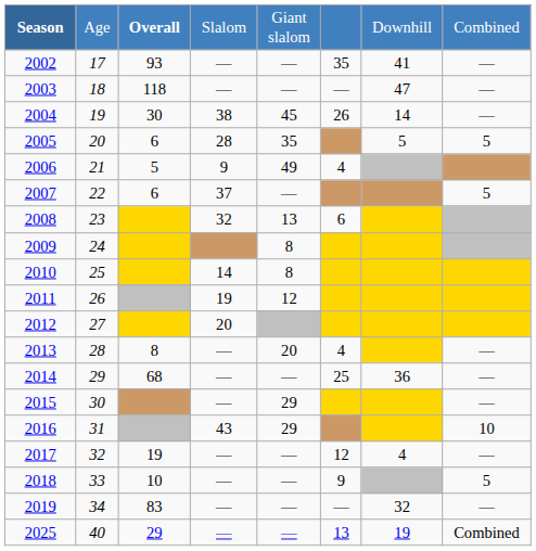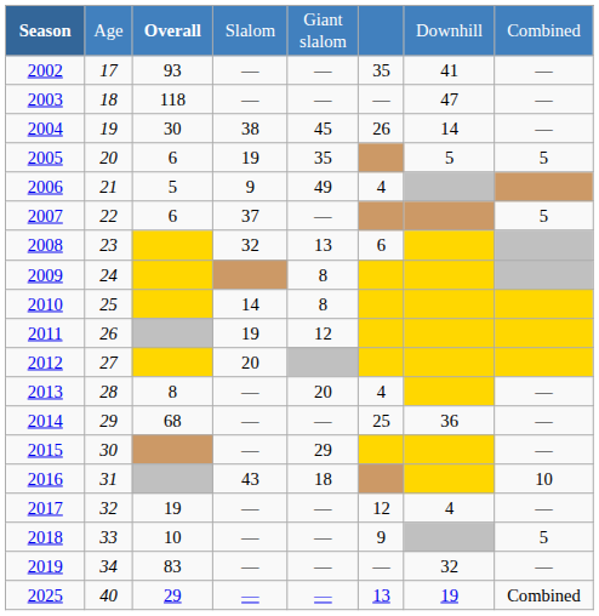 <table class="wikitable"  style="font-size:95%; text-align:center; border:gray solid 1px; width:40%;">
 <tr style="background:#369; color:white;">
 <td rowspan="2" style="width:6%;"><strong>Season</strong></td>
 </tr>
 <tr style="background:#4180be; color:white;">
 <td style="width:3%;">Age</td>
 <td style="width:5%;"><strong>Overall</strong></td>
 <td style="width:5%;">Slalom</td>
 <td style="width:5%;">Giant<br>slalom</td>
 <td style="width:5%;"></td>
 <td style="width:5%;">Downhill</td>
 <td style="width:5%;">Combined</td>
 </tr>
 <tr>
 <td><a href='#'>2002</a></td>
 <td><em>17</em></td>
 <td>93</td>
 <td>—</td>
 <td>—</td>
 <td>35</td>
 <td>41</td>
 <td>—</td>
 </tr>
 <tr>
 <td><a href='#'>2003</a></td>
 <td><em>18</em></td>
 <td>118</td>
 <td>—</td>
 <td>—</td>
 <td>—</td>
 <td>47</td>
 <td>—</td>
 </tr>
 <tr>
 <td><a href='#'>2004</a></td>
 <td><em>19</em></td>
 <td>30</td>
 <td>38</td>
 <td>45</td>
 <td>26</td>
 <td>14</td>
 <td>—</td>
 </tr>
 <tr>
 <td><a href='#'>2005</a></td>
 <td><em>20</em></td>
 <td>6</td>
-<td>28</td>
+<td>19</td>
 <td>35</td>
 <td style="background:#c96;"></td>
 <td>5</td>
 <td>5</td>
 </tr>
 <tr>
 <td><a href='#'>2006</a></td>
 <td><em>21</em></td>
 <td>5</td>
 <td>9</td>
 <td>49</td>
 <td>4</td>
 <td style="background:silver;"></td>
 <td style="background:#c96;"></td>
 </tr>
 <tr>
 <td><a href='#'>2007</a></td>
 <td><em>22</em></td>
 <td>6</td>
 <td>37</td>
 <td>—</td>
 <td style="background:#c96;"></td>
 <td style="background:#c96;"></td>
 <td>5</td>
 </tr>
 <tr>
 <td><a href='#'>2008</a></td>
 <td><em>23</em></td>
 <td style="background:gold;"></td>
 <td>32</td>
 <td>13</td>
 <td>6</td>
 <td style="background:gold;"></td>
 <td style="background:silver;"></td>
 </tr>
 <tr>
 <td><a href='#'>2009</a></td>
 <td><em>24</em></td>
 <td style="background:gold;"></td>
 <td style="background:#c96;"></td>
 <td>8</td>
 <td style="background:gold;"></td>
 <td style="background:gold;"></td>
 <td style="background:silver;"></td>
 </tr>
 <tr>
 <td><a href='#'>2010</a></td>
 <td><em>25</em></td>
 <td style="background:gold;"></td>
 <td>14</td>
 <td>8</td>
 <td style="background:gold;"></td>
 <td style="background:gold;"></td>
 <td style="background:gold;"></td>
 </tr>
 <tr>
 <td><a href='#'>2011</a></td>
 <td><em>26</em></td>
 <td style="background:silver;"></td>
 <td>19</td>
 <td>12</td>
 <td style="background:gold;"></td>
 <td style="background:gold;"></td>
 <td style="background:gold;"></td>
 </tr>
 <tr>
 <td><a href='#'>2012</a></td>
 <td><em>27</em></td>
 <td style="background:gold;"></td>
 <td>20</td>
 <td style="background:silver;"></td>
 <td style="background:gold;"></td>
 <td style="background:gold;"></td>
 <td style="background:gold;"></td>
 </tr>
 <tr>
 <td><a href='#'>2013</a></td>
 <td><em>28</em></td>
 <td>8</td>
 <td>—</td>
 <td>20</td>
 <td>4</td>
 <td style="background:gold;"></td>
 <td>—</td>
 </tr>
 <tr>
 <td><a href='#'>2014</a></td>
 <td><em>29</em></td>
 <td>68</td>
 <td>—</td>
 <td>—</td>
 <td>25</td>
 <td>36</td>
 <td>—</td>
 </tr>
 <tr>
 <td><a href='#'>2015</a></td>
 <td><em>30</em></td>
 <td style="background:#c96;"></td>
 <td>—</td>
 <td>29</td>
 <td style="background:gold;"></td>
 <td style="background:gold;"></td>
 <td>—</td>
 </tr>
 <tr>
 <td><a href='#'>2016</a></td>
 <td><em>31</em></td>
 <td style="background:silver;"></td>
 <td>43</td>
-<td>29</td>
+<td>18</td>
 <td style="background:#c96;"></td>
 <td style="background:gold;"></td>
 <td>10</td>
 </tr>
 <tr>
 <td><a href='#'>2017</a></td>
 <td><em>32</em></td>
 <td>19</td>
 <td>—</td>
 <td>—</td>
 <td>12</td>
 <td>4</td>
 <td>—</td>
 </tr>
 <tr>
 <td><a href='#'>2018</a></td>
 <td><em>33</em></td>
 <td>10</td>
 <td>—</td>
 <td>—</td>
 <td>9</td>
 <td style="background:silver;"></td>
 <td>5</td>
 </tr>
 <tr>
 <td><a href='#'>2019</a></td>
 <td><em>34</em></td>
 <td>83</td>
 <td>—</td>
 <td>—</td>
 <td>—</td>
 <td>32</td>
 <td>—</td>
 </tr>
 <tr>
 <td><a href='#'>2025</a></td>
 <td><em>40</em></td>
 <td><a href='#'>29</a></td>
 <td><a href='#'>—</a></td>
 <td><a href='#'>—</a></td>
 <td><a href='#'>13</a></td>
 <td><a href='#'>19</a></td>
 <td style="width:5%;">Combined</td>
 </tr>
 </table>
